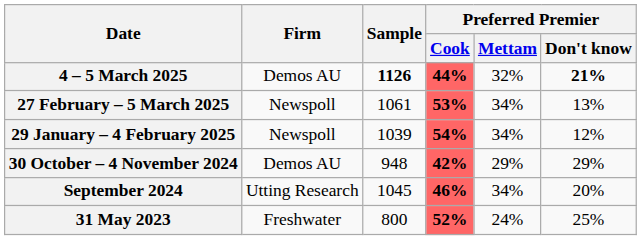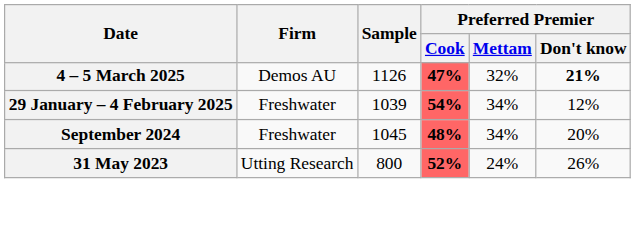 <table class="nowrap wikitable tpl-blanktable" style=text-align:center;font-size:90%>
 <tr>
 <th rowspan=2>Date</th>
 <th rowspan=2>Firm</th>
 <th rowspan=2>Sample</th>
 <th colspan=3>Preferred Premier</th>
 </tr>
 <tr>
 <th><a href='#'>Cook</a></th>
 <th><a href='#'>Mettam</a></th>
 <th>Don't know</th>
 </tr>
 <tr>
 <th>4 – 5 March 2025</th>
 <td>Demos AU</td>
-<td><strong>1126</strong></td>
-<td style="background:#f66"><strong>44%</strong></td>
+<td>1126</td>
+<td style="background:#f66"><strong>47%</strong></td>
 <td>32%</td>
 <td><strong>21%</strong></td>
 </tr>
 <tr>
-<th>27 February – 5 March 2025</th>
-<td>Newspoll</td>
-<td>1061</td>
-<td style="background:#f66"><strong>53%</strong></td>
-<td>34%</td>
-<td>13%</td>
-</tr>
-<tr>
 <th>29 January – 4 February 2025</th>
-<td>Newspoll</td>
+<td>Freshwater</td>
 <td>1039</td>
 <td style="background:#f66"><strong>54%</strong></td>
 <td>34%</td>
 <td>12%</td>
 </tr>
 <tr>
-<th>30 October – 4 November 2024</th>
-<td>Demos AU</td>
-<td>948</td>
-<td style="background:#f66"><strong>42%</strong></td>
-<td>29%</td>
-<td>29%</td>
-</tr>
-<tr>
 <th>September 2024</th>
-<td>Utting Research</td>
+<td>Freshwater</td>
 <td>1045</td>
-<td style="background:#f66"><strong>46%</strong></td>
+<td style="background:#f66"><strong>48%</strong></td>
 <td>34%</td>
 <td>20%</td>
 </tr>
 <tr>
 <th>31 May 2023</th>
-<td>Freshwater</td>
+<td>Utting Research</td>
 <td>800</td>
 <td style="background:#f66"><strong>52%</strong></td>
 <td>24%</td>
-<td>25%</td>
+<td>26%</td>
 </tr>
 </table>
